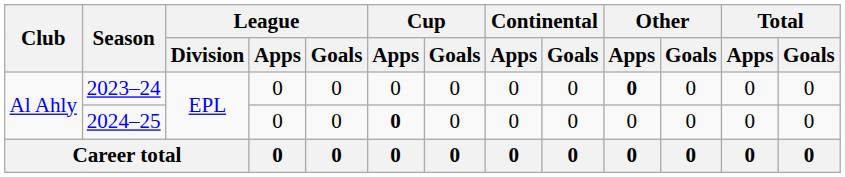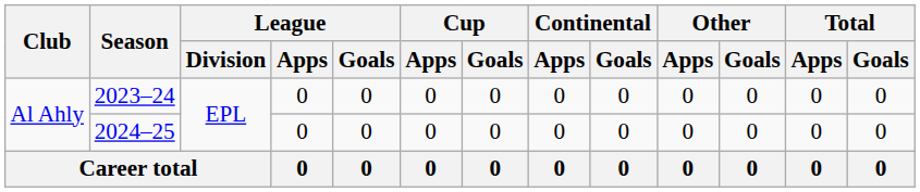 <table class=wikitable style=text-align:center>
 <tr>
 <th rowspan=2>Club</th>
 <th rowspan=2>Season</th>
 <th colspan=3>League</th>
 <th colspan=2>Cup</th>
 <th colspan=2>Continental</th>
 <th colspan=2>Other</th>
 <th colspan=2>Total</th>
 </tr>
 <tr>
 <th>Division</th>
 <th>Apps</th>
 <th>Goals</th>
 <th>Apps</th>
 <th>Goals</th>
 <th>Apps</th>
 <th>Goals</th>
 <th>Apps</th>
 <th>Goals</th>
 <th>Apps</th>
 <th>Goals</th>
 </tr>
 <tr>
 <td rowspan="2"><a href='#'>Al Ahly</a></td>
 <td><a href='#'>2023–24</a></td>
 <td rowspan="2"><a href='#'>EPL</a></td>
 <td>0</td>
 <td>0</td>
 <td>0</td>
 <td>0</td>
 <td>0</td>
 <td>0</td>
-<td><strong>0</strong></td>
+<td>0</td>
 <td>0</td>
 <td>0</td>
 <td>0</td>
 </tr>
 <tr>
 <td><a href='#'>2024–25</a></td>
 <td>0</td>
 <td>0</td>
-<td><strong>0</strong></td>
+<td>0</td>
 <td>0</td>
 <td>0</td>
 <td>0</td>
 <td>0</td>
 <td>0</td>
 <td>0</td>
 <td>0</td>
 </tr>
 <tr>
 <th colspan=3>Career total</th>
 <th>0</th>
 <th>0</th>
 <th>0</th>
 <th>0</th>
 <th>0</th>
 <th>0</th>
 <th>0</th>
 <th>0</th>
 <th>0</th>
 <th>0</th>
 </tr>
 </table>
